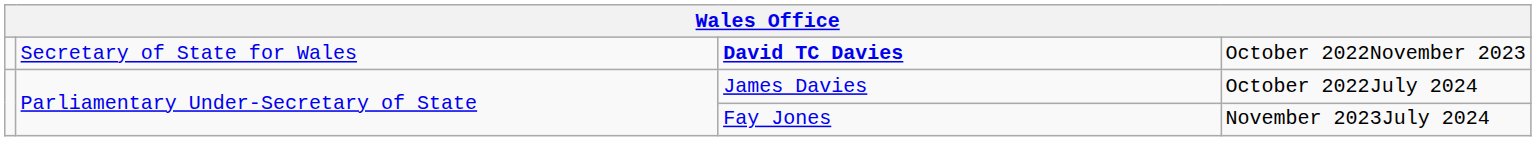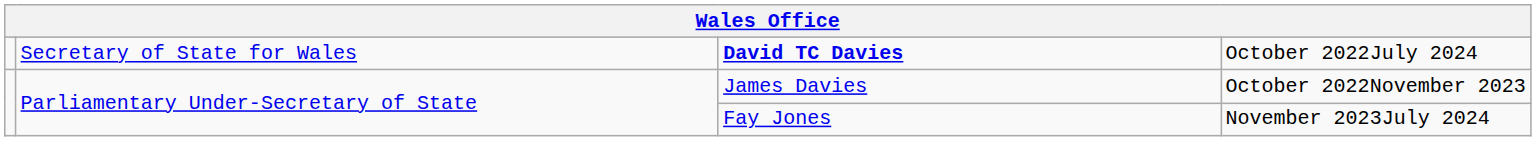 <table class="wikitable">
 <tr>
 <th colspan="4"><a href='#'>Wales Office</a></th>
 </tr>
 <tr>
 <td rowspan="1" style="width: 1px; background: "></td>
 <td rowspan="1" style="width: 450px;"><a href='#'>Secretary of State for Wales</a></td>
 <td><strong><a href='#'>David TC Davies</a></strong></td>
-<td>October 2022November 2023</td>
+<td>October 2022July 2024</td>
 </tr>
 <tr>
 <td rowspan="2" style="width: 1px; background: "></td>
 <td rowspan="2"  style="width: 450px;"><a href='#'>Parliamentary Under-Secretary of State</a></td>
 <td style="width: 320px;"><a href='#'>James Davies</a></td>
-<td>October 2022July 2024</td>
+<td>October 2022November 2023</td>
 </tr>
 <tr>
 <td style="width: 320px;"><a href='#'>Fay Jones</a></td>
 <td>November 2023July 2024</td>
 </tr>
 </table>
